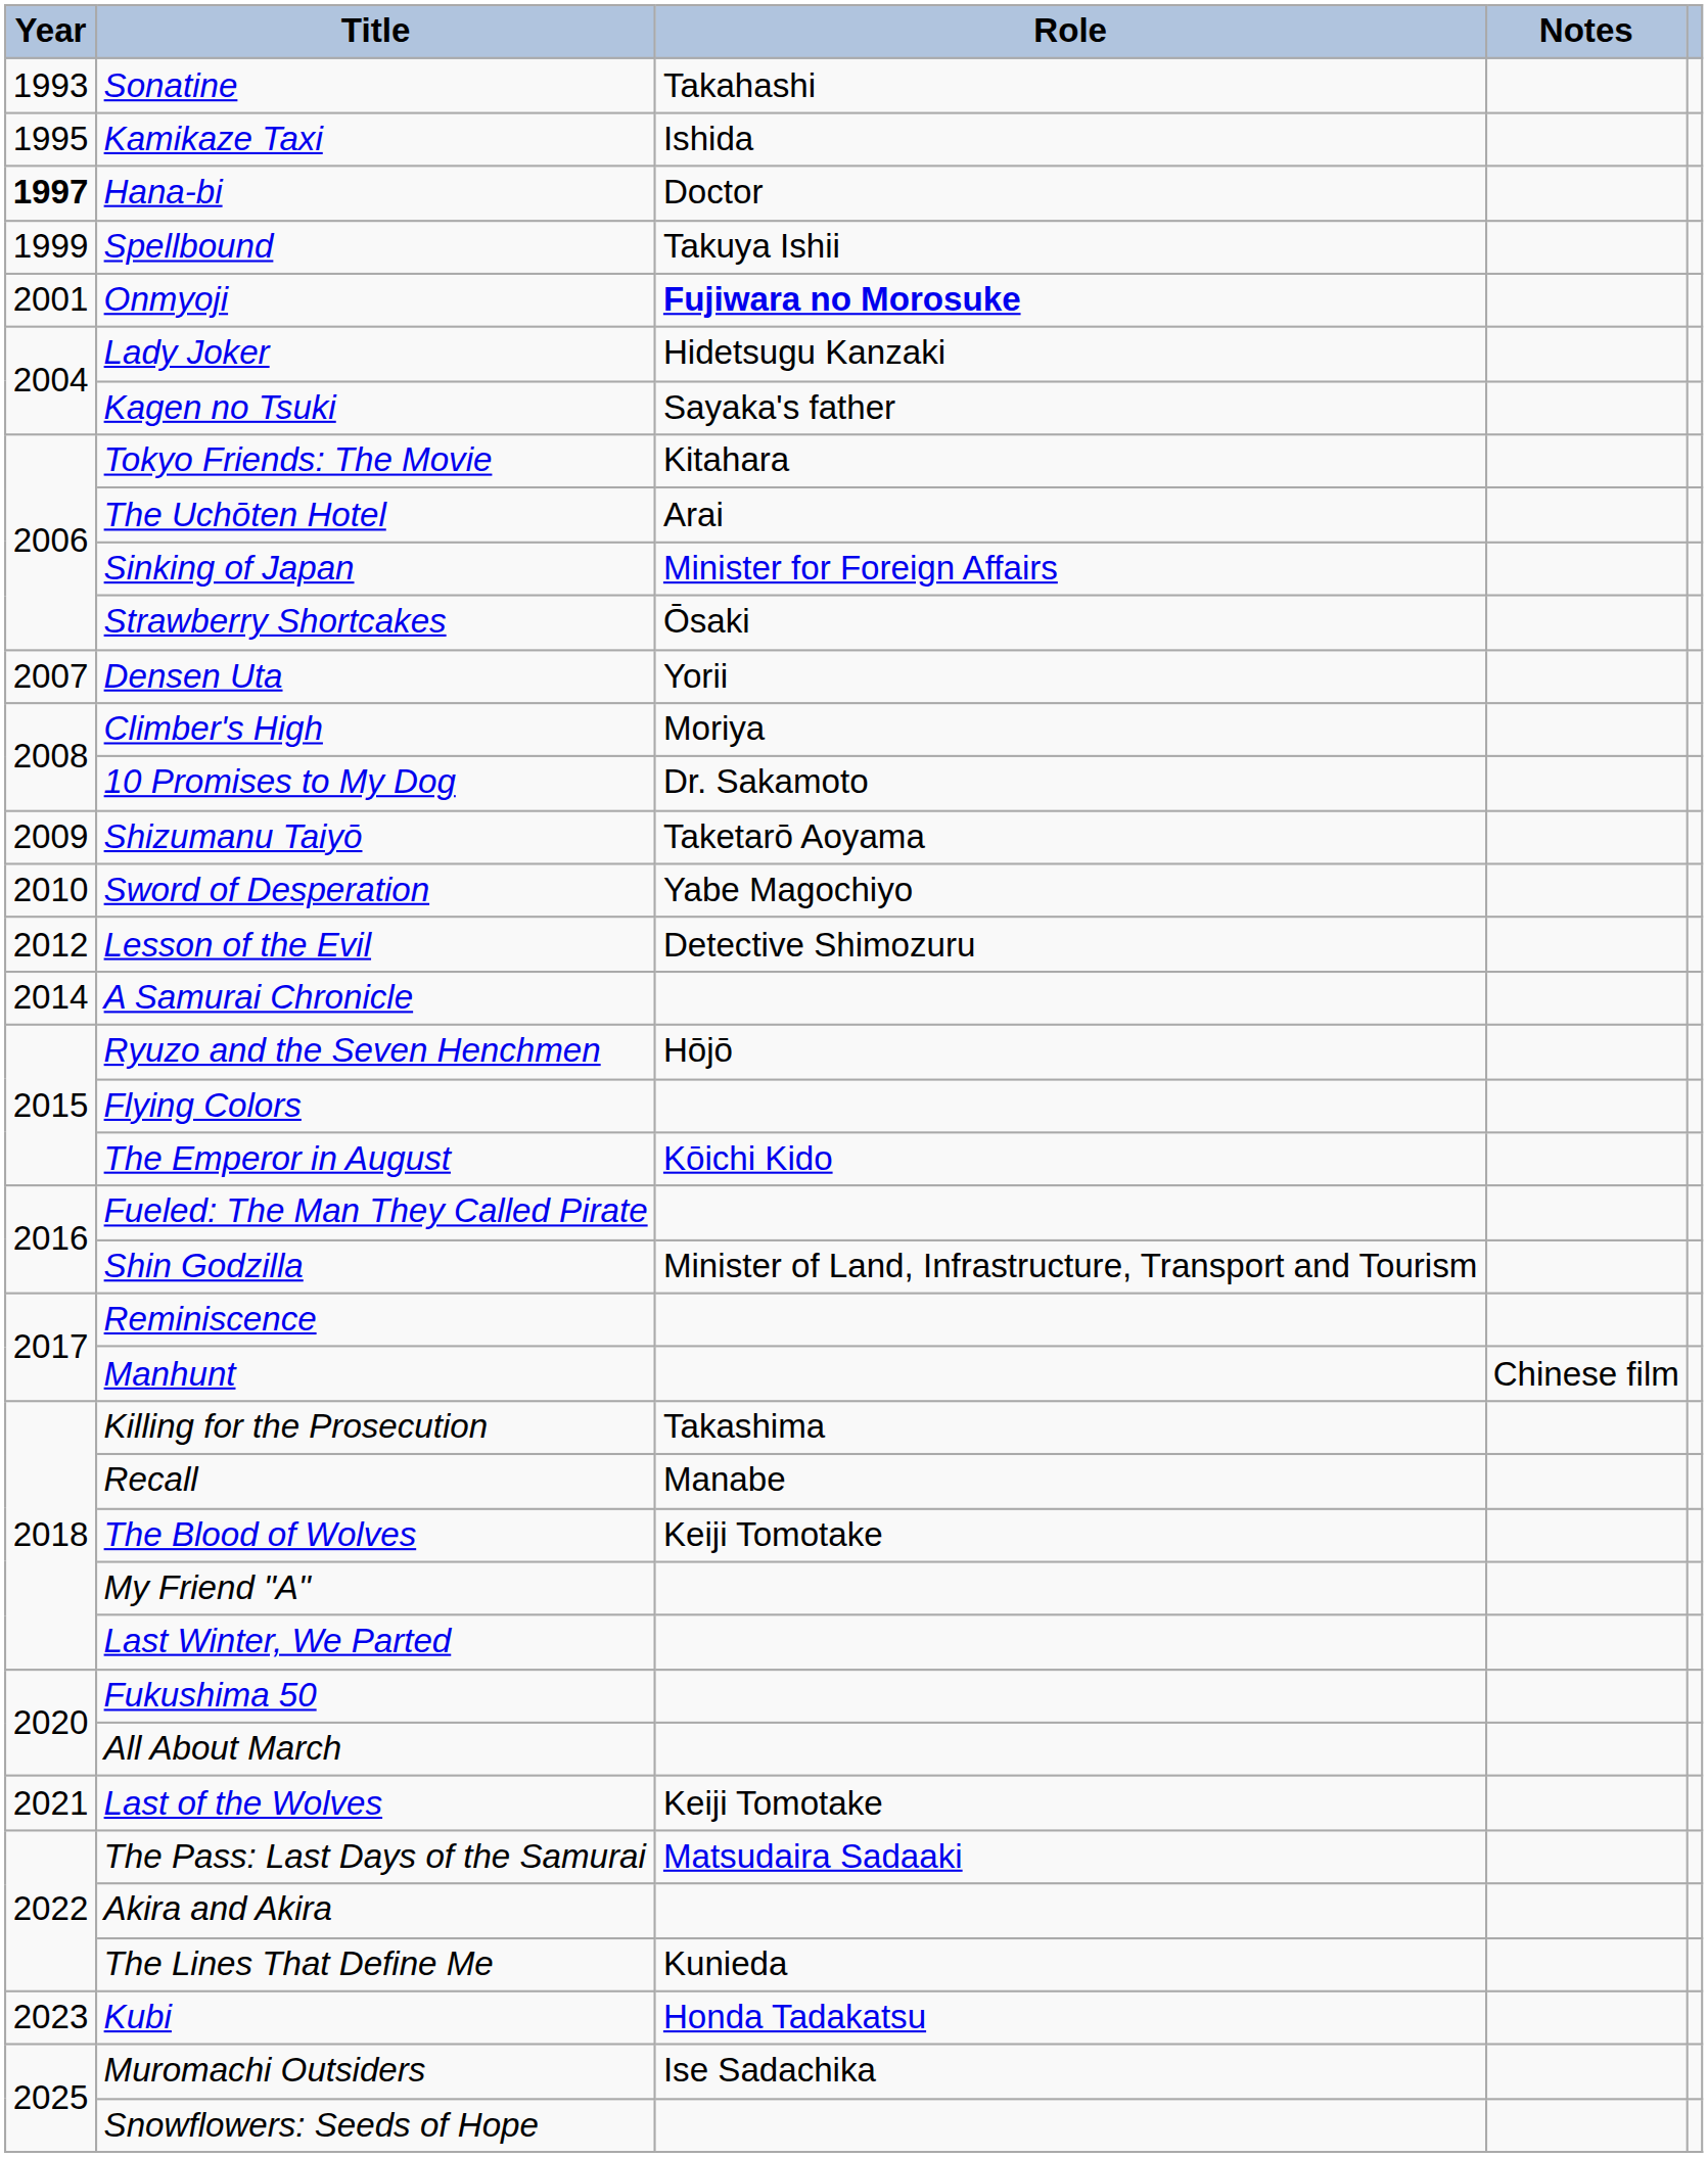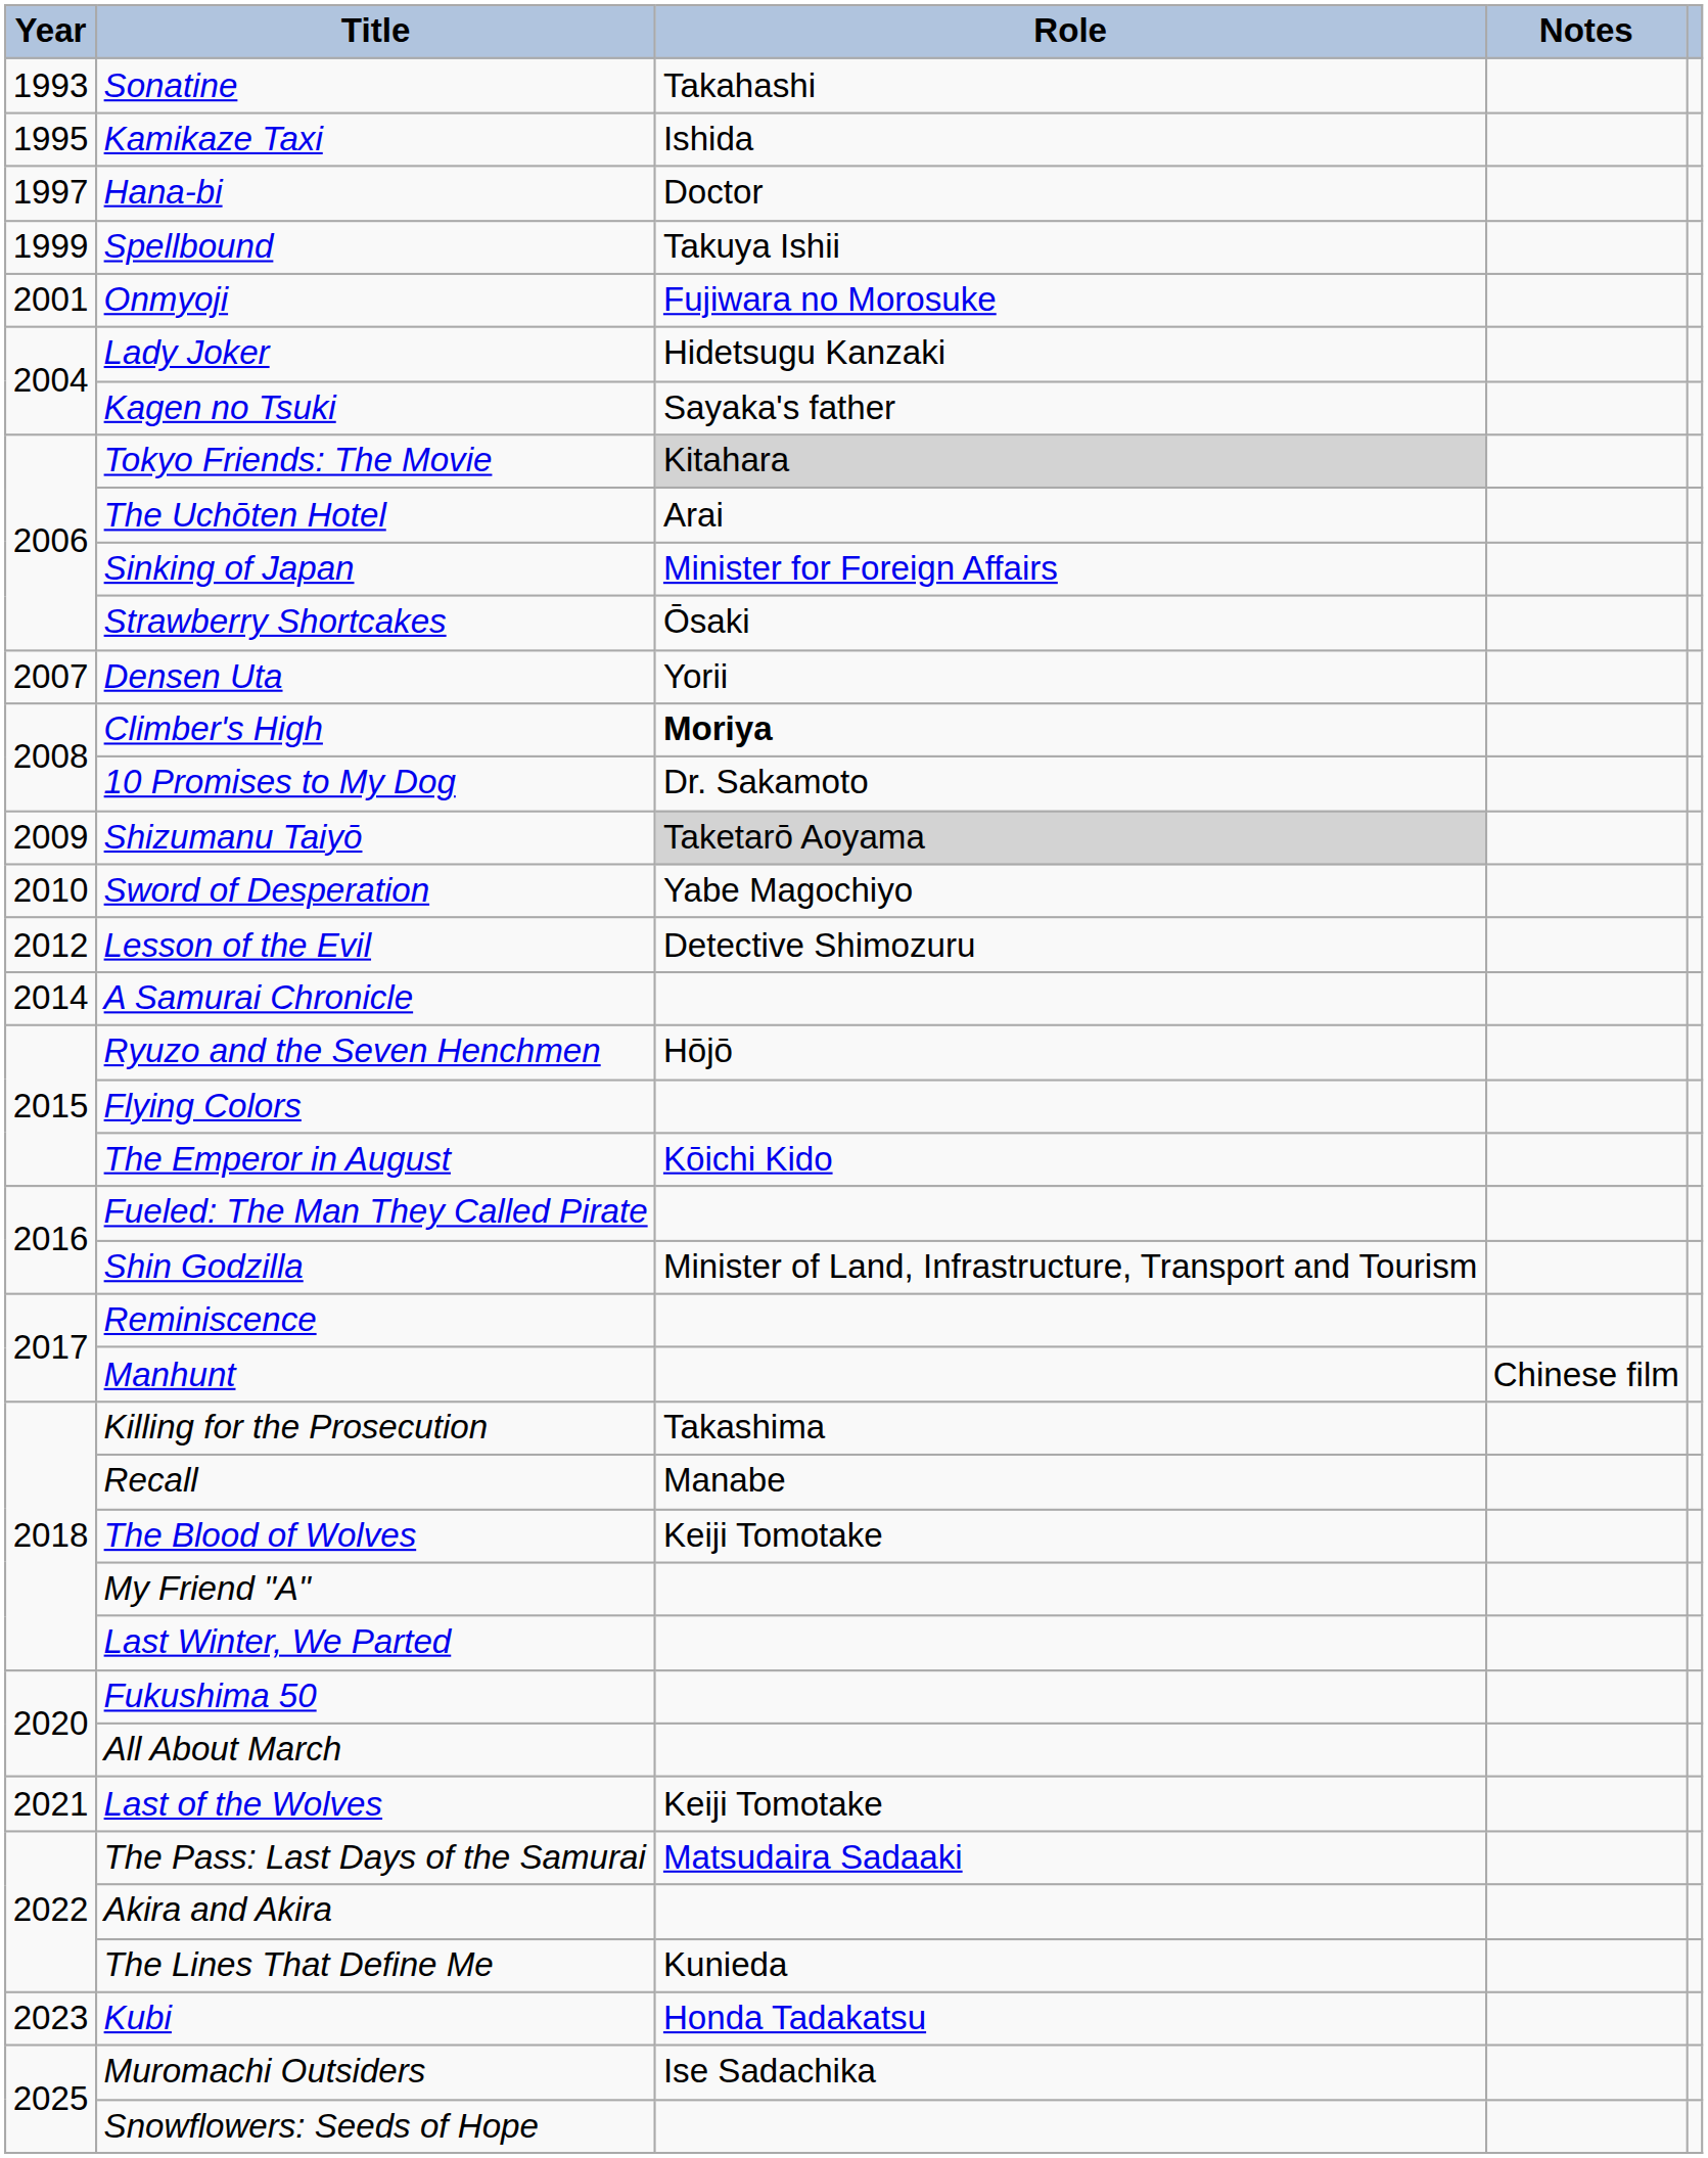 <table class="wikitable">
 <tr>
 <th style="background:#B0C4DE;">Year</th>
 <th style="background:#B0C4DE;">Title</th>
 <th style="background:#B0C4DE;">Role</th>
 <th style="background:#B0C4DE;">Notes</th>
 <th style="background:#B0C4DE;"></th>
 </tr>
 <tr>
 <td>1993</td>
 <td><em><a href='#'>Sonatine</a></em></td>
 <td>Takahashi</td>
 <td></td>
 <td></td>
 </tr>
 <tr>
 <td>1995</td>
 <td><em><a href='#'>Kamikaze Taxi</a></em></td>
 <td>Ishida</td>
 <td></td>
 <td></td>
 </tr>
 <tr>
-<td><strong>1997</strong></td>
+<td>1997</td>
 <td><em><a href='#'>Hana-bi</a></em></td>
 <td>Doctor</td>
 <td></td>
 <td></td>
 </tr>
 <tr>
 <td>1999</td>
 <td><em><a href='#'>Spellbound</a></em></td>
 <td>Takuya Ishii</td>
 <td></td>
 <td></td>
 </tr>
 <tr>
 <td>2001</td>
 <td><em><a href='#'>Onmyoji</a></em></td>
-<td><strong><a href='#'>Fujiwara no Morosuke</a></strong></td>
+<td><a href='#'>Fujiwara no Morosuke</a></td>
 <td></td>
 <td></td>
 </tr>
 <tr>
 <td rowspan="2">2004</td>
 <td><em><a href='#'>Lady Joker</a></em></td>
 <td>Hidetsugu Kanzaki</td>
 <td></td>
 <td></td>
 </tr>
 <tr>
 <td><em><a href='#'>Kagen no Tsuki</a></em></td>
 <td>Sayaka's father</td>
 <td></td>
 <td></td>
 </tr>
 <tr>
 <td rowspan="4">2006</td>
 <td><em><a href='#'>Tokyo Friends: The Movie</a></em></td>
-<td>Kitahara</td>
+<td style="background: lightgrey;">Kitahara</td>
 <td></td>
 <td></td>
 </tr>
 <tr>
 <td><em><a href='#'>The Uchōten Hotel</a></em></td>
 <td>Arai</td>
 <td></td>
 <td></td>
 </tr>
 <tr>
 <td><em><a href='#'>Sinking of Japan</a></em></td>
 <td><a href='#'>Minister for Foreign Affairs</a></td>
 <td></td>
 <td></td>
 </tr>
 <tr>
 <td><em><a href='#'>Strawberry Shortcakes</a></em></td>
 <td>Ōsaki</td>
 <td></td>
 <td></td>
 </tr>
 <tr>
 <td>2007</td>
 <td><em><a href='#'>Densen Uta</a></em></td>
 <td>Yorii</td>
 <td></td>
 <td></td>
 </tr>
 <tr>
 <td rowspan="2">2008</td>
 <td><em><a href='#'>Climber's High</a></em></td>
-<td>Moriya</td>
+<td><strong>Moriya</strong></td>
 <td></td>
 <td></td>
 </tr>
 <tr>
 <td><em><a href='#'>10 Promises to My Dog</a></em></td>
 <td>Dr. Sakamoto</td>
 <td></td>
 <td></td>
 </tr>
 <tr>
 <td>2009</td>
 <td><em><a href='#'>Shizumanu Taiyō</a></em></td>
-<td>Taketarō Aoyama</td>
+<td style="background: lightgrey;">Taketarō Aoyama</td>
 <td></td>
 <td></td>
 </tr>
 <tr>
 <td>2010</td>
 <td><em><a href='#'>Sword of Desperation</a></em></td>
 <td>Yabe Magochiyo</td>
 <td></td>
 <td></td>
 </tr>
 <tr>
 <td>2012</td>
 <td><em><a href='#'>Lesson of the Evil</a></em></td>
 <td>Detective Shimozuru</td>
 <td></td>
 <td></td>
 </tr>
 <tr>
 <td>2014</td>
 <td><em><a href='#'>A Samurai Chronicle</a></em></td>
 <td></td>
 <td></td>
 <td></td>
 </tr>
 <tr>
 <td rowspan="3">2015</td>
 <td><em><a href='#'>Ryuzo and the Seven Henchmen</a></em></td>
 <td>Hōjō</td>
 <td></td>
 <td></td>
 </tr>
 <tr>
 <td><em><a href='#'>Flying Colors</a></em></td>
 <td></td>
 <td></td>
 <td></td>
 </tr>
 <tr>
 <td><em><a href='#'>The Emperor in August</a></em></td>
 <td><a href='#'>Kōichi Kido</a></td>
 <td></td>
 <td></td>
 </tr>
 <tr>
 <td rowspan="2">2016</td>
 <td><em><a href='#'>Fueled: The Man They Called Pirate</a></em></td>
 <td></td>
 <td></td>
 <td></td>
 </tr>
 <tr>
 <td><em><a href='#'>Shin Godzilla</a></em></td>
 <td>Minister of Land, Infrastructure, Transport and Tourism</td>
 <td></td>
 <td></td>
 </tr>
 <tr>
 <td rowspan="2">2017</td>
 <td><em><a href='#'>Reminiscence</a></em></td>
 <td></td>
 <td></td>
 <td></td>
 </tr>
 <tr>
 <td><em><a href='#'>Manhunt</a></em></td>
 <td></td>
 <td>Chinese film</td>
 <td></td>
 </tr>
 <tr>
 <td rowspan="5">2018</td>
 <td><em>Killing for the Prosecution</em></td>
 <td>Takashima</td>
 <td></td>
 <td></td>
 </tr>
 <tr>
 <td><em>Recall</em></td>
 <td>Manabe</td>
 <td></td>
 <td></td>
 </tr>
 <tr>
 <td><em><a href='#'>The Blood of Wolves</a></em></td>
 <td>Keiji Tomotake</td>
 <td></td>
 <td></td>
 </tr>
 <tr>
 <td><em>My Friend "A"</em></td>
 <td></td>
 <td></td>
 <td></td>
 </tr>
 <tr>
 <td><em><a href='#'>Last Winter, We Parted</a></em></td>
 <td></td>
 <td></td>
 <td></td>
 </tr>
 <tr>
 <td rowspan="2">2020</td>
 <td><em><a href='#'>Fukushima 50</a></em></td>
 <td></td>
 <td></td>
 <td></td>
 </tr>
 <tr>
 <td><em>All About March</em></td>
 <td></td>
 <td></td>
 <td></td>
 </tr>
 <tr>
 <td rowspan="1">2021</td>
 <td><em><a href='#'>Last of the Wolves</a></em></td>
 <td>Keiji Tomotake</td>
 <td></td>
 <td></td>
 </tr>
 <tr>
 <td rowspan=3>2022</td>
 <td><em>The Pass: Last Days of the Samurai</em></td>
 <td><a href='#'>Matsudaira Sadaaki</a></td>
 <td></td>
 <td></td>
 </tr>
 <tr>
 <td><em>Akira and Akira</em></td>
 <td></td>
 <td></td>
 <td></td>
 </tr>
 <tr>
 <td><em>The Lines That Define Me</em></td>
 <td>Kunieda</td>
 <td></td>
 <td></td>
 </tr>
 <tr>
 <td>2023</td>
 <td><em><a href='#'>Kubi</a></em></td>
 <td><a href='#'>Honda Tadakatsu</a></td>
 <td></td>
 <td></td>
 </tr>
 <tr>
 <td rowspan=2>2025</td>
 <td><em>Muromachi Outsiders</em></td>
 <td>Ise Sadachika</td>
 <td></td>
 <td></td>
 </tr>
 <tr>
 <td><em>Snowflowers: Seeds of Hope</em></td>
 <td></td>
 <td></td>
 <td></td>
 </tr>
 <tr>
 </tr>
 </table>
